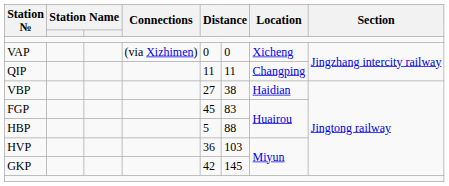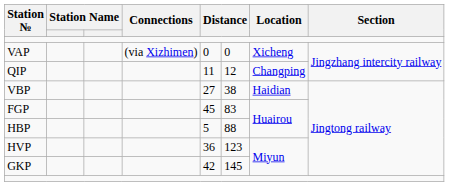 <table class="wikitable">
 <tr>
 <th rowspan="2">Station<br>№</th>
 <th colspan="2">Station Name</th>
 <th rowspan="2">Connections</th>
 <th colspan="2" rowspan="2">Distance<br></th>
 <th rowspan="2">Location</th>
 <th rowspan="2">Section</th>
 </tr>
 <tr>
 <th></th>
 <th></th>
 </tr>
 <tr style="background:#">
 <td colspan = "8"></td>
 </tr>
 <tr>
 <td>VAP</td>
 <td><br></td>
 <td></td>
 <td>    (via <a href='#'>Xizhimen</a>)</td>
 <td>0</td>
 <td>0</td>
 <td><a href='#'>Xicheng</a></td>
 <td rowspan="2"><a href='#'>Jingzhang intercity railway</a></td>
 </tr>
 <tr>
 <td>QIP</td>
 <td></td>
 <td></td>
 <td>  </td>
 <td>11</td>
-<td>11</td>
+<td>12</td>
 <td><a href='#'>Changping</a></td>
 </tr>
 <tr>
 <td>VBP</td>
 <td><br></td>
 <td></td>
 <td></td>
 <td>27</td>
 <td>38</td>
 <td><a href='#'>Haidian</a></td>
 <td rowspan="5"><a href='#'>Jingtong railway</a></td>
 </tr>
 <tr>
 <td>FGP</td>
 <td><br></td>
 <td></td>
 <td></td>
 <td>45</td>
 <td>83</td>
 <td rowspan="2"><a href='#'>Huairou</a></td>
 </tr>
 <tr>
 <td>HBP</td>
 <td><br></td>
 <td></td>
 <td></td>
 <td>5</td>
 <td>88</td>
 </tr>
 <tr>
 <td>HVP</td>
 <td></td>
 <td></td>
 <td></td>
 <td>36</td>
-<td>103</td>
+<td>123</td>
 <td rowspan="2"><a href='#'>Miyun</a></td>
 </tr>
 <tr>
 <td>GKP</td>
 <td></td>
 <td></td>
 <td></td>
 <td>42</td>
 <td>145</td>
 </tr>
 <tr style="background:#">
 <td colspan = "8"></td>
 </tr>
 </table>
